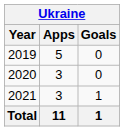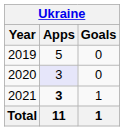 <table class="wikitable" style="text-align:center">
 <tr>
 <th colspan=3><a href='#'>Ukraine</a></th>
 </tr>
 <tr>
 <th>Year</th>
 <th>Apps</th>
 <th>Goals</th>
 </tr>
 <tr>
 <td>2019</td>
 <td>5</td>
 <td>0</td>
 </tr>
 <tr>
 <td>2020</td>
-<td>3</td>
+<td style="background: lavender;">3</td>
 <td>0</td>
 </tr>
 <tr>
 <td>2021</td>
-<td>3</td>
+<td><strong>3</strong></td>
 <td>1</td>
 </tr>
 <tr>
 <th>Total</th>
 <th>11</th>
 <th>1</th>
 </tr>
 </table>
